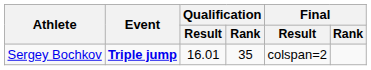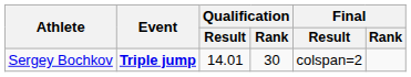 <table class=wikitable style=font-size:90%;text-align:center>
 <tr>
 <th rowspan=2>Athlete</th>
 <th rowspan=2>Event</th>
 <th colspan=2>Qualification</th>
 <th colspan=2>Final</th>
 </tr>
 <tr style=font-size:95%>
 <th>Result</th>
 <th>Rank</th>
 <th>Result</th>
 <th>Rank</th>
 </tr>
 <tr>
 <td align=left><a href='#'>Sergey Bochkov</a></td>
 <td align=left><strong><a href='#'>Triple jump</a></strong></td>
-<td>16.01</td>
-<td>35</td>
+<td>14.01</td>
+<td>30</td>
 <td>colspan=2 </td>
 </tr>
 </table>
